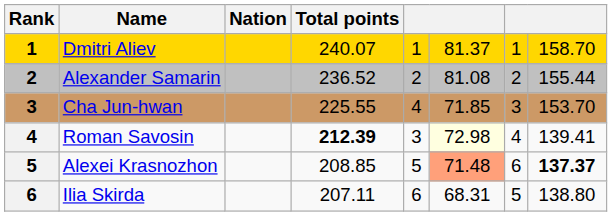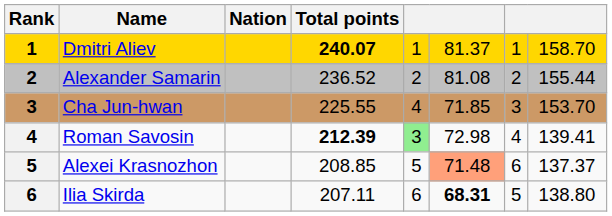 <table class="wikitable sortable">
 <tr>
 <th>Rank</th>
 <th>Name</th>
 <th>Nation</th>
 <th>Total points</th>
 <th colspan="2" width="80px"></th>
 <th colspan="2" width="80px"></th>
 </tr>
 <tr bgcolor="gold">
 <td align="center"><strong>1</strong></td>
 <td><a href='#'>Dmitri Aliev</a></td>
 <td></td>
-<td align="center">240.07</td>
+<td align="center"><strong>240.07</strong></td>
 <td align="center">1</td>
 <td align="center">81.37</td>
 <td align="center">1</td>
 <td align="center">158.70</td>
 </tr>
 <tr bgcolor="silver">
 <td align="center"><strong>2</strong></td>
 <td><a href='#'>Alexander Samarin</a></td>
 <td></td>
 <td align="center">236.52</td>
 <td align="center">2</td>
 <td align="center">81.08</td>
 <td align="center">2</td>
 <td align="center">155.44</td>
 </tr>
 <tr bgcolor="cc9966">
 <td align="center"><strong>3</strong></td>
 <td><a href='#'>Cha Jun-hwan</a></td>
 <td></td>
 <td align="center">225.55</td>
 <td align="center">4</td>
 <td align="center">71.85</td>
 <td align="center">3</td>
 <td align="center">153.70</td>
 </tr>
 <tr>
 <th>4</th>
 <td><a href='#'>Roman Savosin</a></td>
 <td></td>
 <td align="center"><strong>212.39</strong></td>
-<td align="center">3</td>
-<td align="center" style="background: lightyellow;">72.98</td>
+<td align="center" style="background: lightgreen;">3</td>
+<td align="center">72.98</td>
 <td align="center">4</td>
 <td align="center">139.41</td>
 </tr>
 <tr>
 <th>5</th>
 <td><a href='#'>Alexei Krasnozhon</a></td>
 <td></td>
 <td align="center">208.85</td>
 <td align="center">5</td>
 <td align="center" style="background: lightsalmon;">71.48</td>
 <td align="center">6</td>
-<td align="center"><strong>137.37</strong></td>
+<td align="center">137.37</td>
 </tr>
 <tr>
 <th>6</th>
 <td><a href='#'>Ilia Skirda</a></td>
 <td></td>
 <td align="center">207.11</td>
 <td align="center">6</td>
-<td align="center">68.31</td>
+<td align="center"><strong>68.31</strong></td>
 <td align="center">5</td>
 <td align="center">138.80</td>
 </tr>
 </table>
